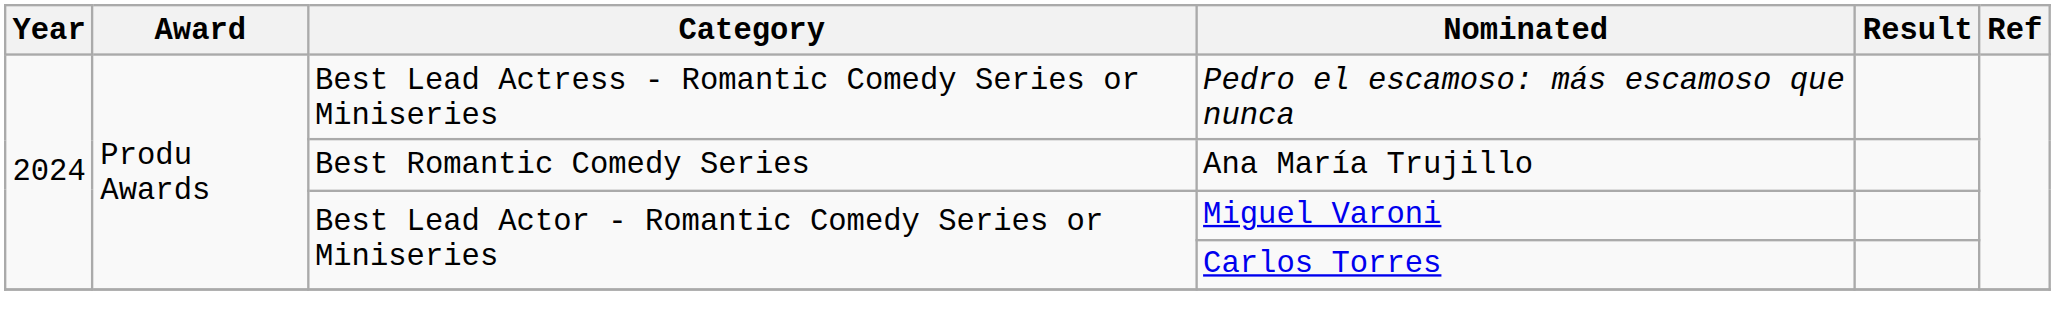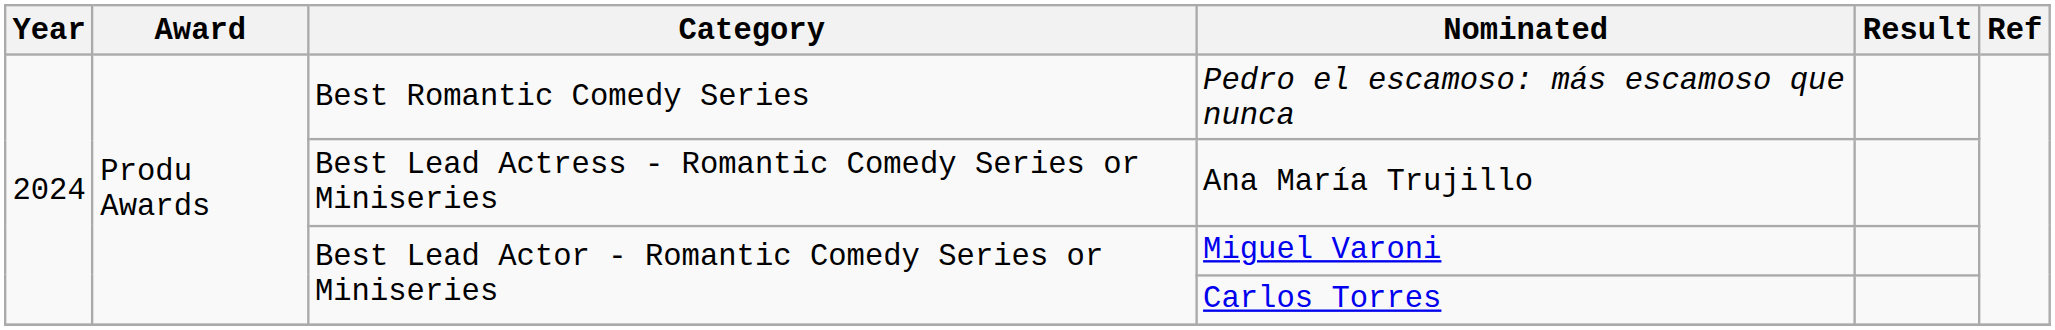 <table class="wikitable plainrowheaders">
 <tr>
 <th scope="col">Year</th>
 <th scope="col">Award</th>
 <th scope="col">Category</th>
 <th scope="col">Nominated</th>
 <th scope="col">Result</th>
 <th scope="col">Ref</th>
 </tr>
 <tr>
 <td rowspan="4">2024</td>
 <td rowspan="4">Produ Awards</td>
-<td>Best Lead Actress - Romantic Comedy Series or Miniseries</td>
+<td>Best Romantic Comedy Series</td>
 <td><em>Pedro el escamoso: más escamoso que nunca</em></td>
 <td></td>
 <td align="center" rowspan="4"></td>
 </tr>
 <tr>
-<td>Best Romantic Comedy Series</td>
+<td>Best Lead Actress - Romantic Comedy Series or Miniseries</td>
 <td>Ana María Trujillo</td>
 <td></td>
 </tr>
 <tr>
 <td rowspan=2>Best Lead Actor - Romantic Comedy Series or Miniseries</td>
 <td><a href='#'>Miguel Varoni</a></td>
 <td></td>
 </tr>
 <tr>
 <td><a href='#'>Carlos Torres</a></td>
 <td></td>
 </tr>
 <tr>
 </tr>
 </table>
